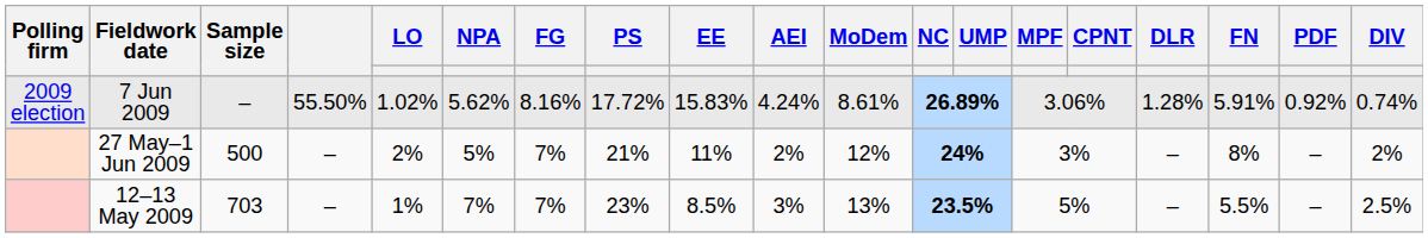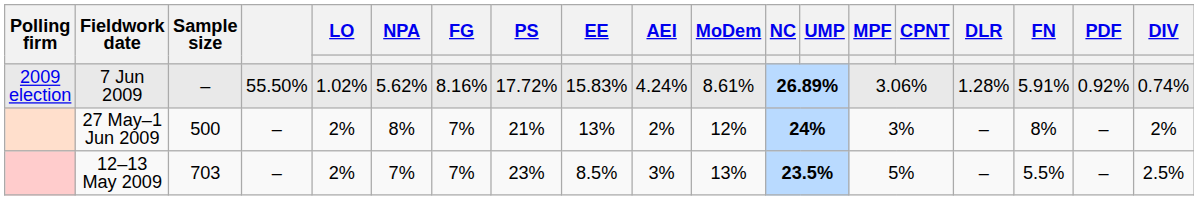 <table class="wikitable sortable" style="text-align:center;font-size:90%;line-height:14px;">
 <tr style="height:40px;">
 <th style="width:100px;" rowspan="2">Polling firm</th>
 <th style="width:110px;" rowspan="2">Fieldwork date</th>
 <th style="width:35px;" rowspan="2">Sample<br>size</th>
 <th style="width:30px;" rowspan="2"></th>
 <th class="unsortable" style="width:40px;"><a href='#'>LO</a></th>
 <th class="unsortable" style="width:40px;"><a href='#'>NPA</a></th>
 <th class="unsortable" style="width:40px;"><a href='#'>FG</a></th>
 <th class="unsortable" style="width:40px;"><a href='#'>PS</a></th>
 <th class="unsortable" style="width:40px;"><a href='#'>EE</a></th>
 <th class="unsortable" style="width:40px;"><a href='#'>AEI</a></th>
 <th class="unsortable" style="width:40px;"><a href='#'>MoDem</a></th>
 <th class="unsortable" style="width:40px;"><a href='#'>NC</a></th>
 <th class="unsortable" style="width:40px;"><a href='#'>UMP</a></th>
 <th class="unsortable" style="width:40px;"><a href='#'>MPF</a></th>
 <th class="unsortable" style="width:40px;"><a href='#'>CPNT</a></th>
 <th class="unsortable" style="width:40px;"><a href='#'>DLR</a></th>
 <th class="unsortable" style="width:40px;"><a href='#'>FN</a></th>
 <th class="unsortable" style="width:40px;"><a href='#'>PDF</a></th>
 <th class="unsortable" style="width:40px;"><a href='#'>DIV</a></th>
 </tr>
 <tr>
 <th style="background:"></th>
 <th style="background:"></th>
 <th style="background:"></th>
 <th style="background:"></th>
 <th style="background:"></th>
 <th style="background:"></th>
 <th style="background:"></th>
 <th style="background:"></th>
 <th style="background:"></th>
 <th style="background:"></th>
 <th style="background:"></th>
 <th style="background:"></th>
 <th style="background:"></th>
 <th style="background:"></th>
 <th style="background:"></th>
 </tr>
 <tr style="background:#E9E9E9;">
 <td><a href='#'>2009 election</a></td>
 <td data-sort-value="2009-06-07">7 Jun 2009</td>
 <td>–</td>
 <td>55.50%</td>
 <td>1.02%</td>
 <td>5.62%</td>
 <td>8.16%</td>
 <td>17.72%</td>
 <td>15.83%</td>
 <td>4.24%</td>
 <td>8.61%</td>
 <td style="background:#B9DAFF;" colspan="2"><strong>26.89%</strong></td>
 <td colspan="2">3.06%</td>
 <td>1.28%</td>
 <td>5.91%</td>
 <td>0.92%</td>
 <td>0.74%</td>
 </tr>
 <tr>
 <td style="background:#FFDFCC;"></td>
 <td data-sort-value="2009-06-01">27 May–1 Jun 2009</td>
 <td>500</td>
 <td>–</td>
 <td>2%</td>
-<td>5%</td>
+<td>8%</td>
 <td>7%</td>
 <td>21%</td>
-<td>11%</td>
+<td>13%</td>
 <td>2%</td>
 <td>12%</td>
 <td style="background:#B9DAFF;" colspan="2"><strong>24%</strong></td>
 <td colspan="2">3%</td>
 <td>–</td>
 <td>8%</td>
 <td>–</td>
 <td>2%</td>
 </tr>
 <tr>
 <td style="background:#FFCCCC;"></td>
 <td data-sort-value="2009-05-13">12–13 May 2009</td>
 <td>703</td>
 <td>–</td>
-<td>1%</td>
+<td>2%</td>
 <td>7%</td>
 <td>7%</td>
 <td>23%</td>
 <td>8.5%</td>
 <td>3%</td>
 <td>13%</td>
 <td style="background:#B9DAFF;" colspan="2"><strong>23.5%</strong></td>
 <td colspan="2">5%</td>
 <td>–</td>
 <td>5.5%</td>
 <td>–</td>
 <td>2.5%</td>
 </tr>
 </table>
